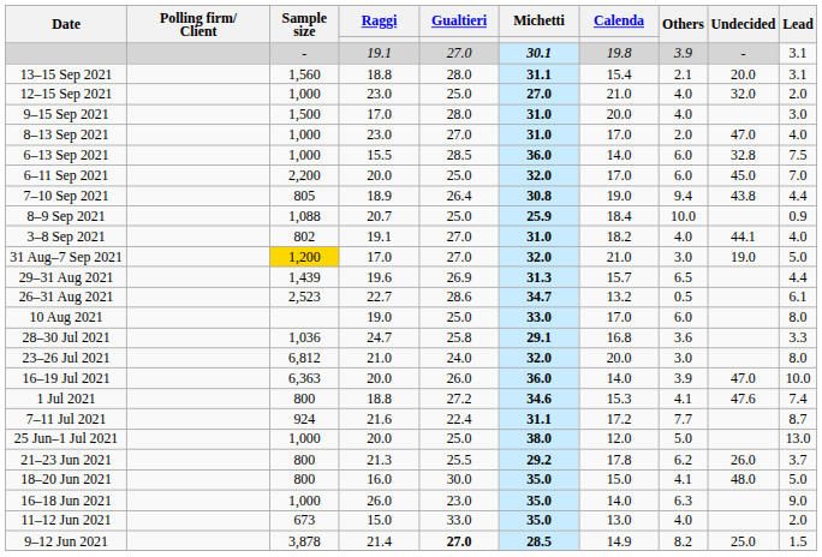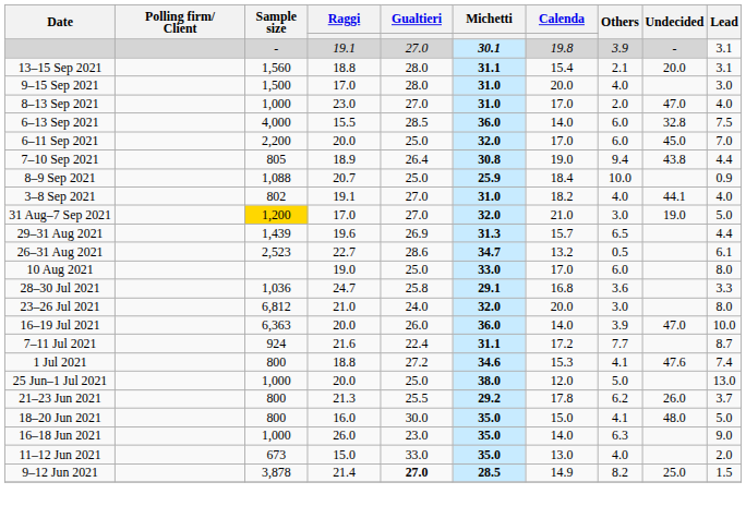 <table class=wikitable style="text-align:center;font-size:85%;line-height:13px">
 <tr style="height:30px; background-color:#E9E9E9">
 <th style="width:110px;" rowspan="2">Date</th>
 <th style="width:130px;" rowspan="2">Polling firm/<br>Client</th>
 <th style="width:60px;" rowspan="2">Sample size</th>
 <th style="width:70px;"><a href='#'>Raggi</a></th>
 <th style="width:70px;"><a href='#'>Gualtieri</a></th>
 <th style="width:70px;">Michetti</th>
 <th style="width:70px;"><a href='#'>Calenda</a></th>
 <th style="width:40px;" rowspan="2">Others</th>
 <th style="width:40px;" rowspan="2">Undecided</th>
 <th style="width:30px;" rowspan="2">Lead</th>
 </tr>
 <tr>
 <th style="color:inherit;background:"></th>
 <th style="color:inherit;background:"></th>
 <th style="color:inherit;background:"></th>
 <th style="color:inherit;background:"></th>
 </tr>
 <tr>
 <td style="background:#D5D5D5"></td>
 <td style="background:#D5D5D5"></td>
 <td style="background:#D5D5D5"><em>-</em></td>
 <td style="background:#D5D5D5"><em>19.1</em></td>
 <td style="background:#D5D5D5"><em>27.0</em></td>
 <td style="background:#C8EBFF"><strong><em>30.1</em></strong></td>
 <td style="background:#D5D5D5"><em>19.8</em></td>
 <td style="background:#D5D5D5"><em>3.9</em></td>
 <td style="background:#D5D5D5"><em>-</em></td>
 <td style="background:">3.1</td>
 </tr>
 <tr>
 <td>13–15 Sep 2021</td>
 <td></td>
 <td>1,560</td>
 <td>18.8</td>
 <td>28.0</td>
 <td style="background:#C8EBFF"><strong>31.1</strong></td>
 <td>15.4</td>
 <td>2.1</td>
 <td>20.0</td>
 <td style="background:">3.1</td>
 </tr>
 <tr>
-<td>12–15 Sep 2021</td>
-<td></td>
-<td>1,000</td>
-<td>23.0</td>
-<td>25.0</td>
-<td style="background:#C8EBFF"><strong>27.0</strong></td>
-<td>21.0</td>
-<td>4.0</td>
-<td>32.0</td>
-<td style="background:">2.0</td>
-</tr>
-<tr>
 <td>9–15 Sep 2021</td>
 <td></td>
 <td>1,500</td>
 <td>17.0</td>
 <td>28.0</td>
 <td style="background:#C8EBFF"><strong>31.0</strong></td>
 <td>20.0</td>
 <td>4.0</td>
 <td></td>
 <td style="background:">3.0</td>
 </tr>
 <tr>
 <td>8–13 Sep 2021</td>
 <td></td>
 <td>1,000</td>
 <td>23.0</td>
 <td>27.0</td>
 <td style="background:#C8EBFF"><strong>31.0</strong></td>
 <td>17.0</td>
 <td>2.0</td>
 <td>47.0</td>
 <td style="background:">4.0</td>
 </tr>
 <tr>
 <td>6–13 Sep 2021</td>
 <td></td>
-<td>1,000</td>
+<td>4,000</td>
 <td>15.5</td>
 <td>28.5</td>
 <td style="background:#C8EBFF"><strong>36.0</strong></td>
 <td>14.0</td>
 <td>6.0</td>
 <td>32.8</td>
 <td style="background:">7.5</td>
 </tr>
 <tr>
 <td>6–11 Sep 2021</td>
 <td></td>
 <td>2,200</td>
 <td>20.0</td>
 <td>25.0</td>
 <td style="background:#C8EBFF"><strong>32.0</strong></td>
 <td>17.0</td>
 <td>6.0</td>
 <td>45.0</td>
 <td style="background:">7.0</td>
 </tr>
 <tr>
 <td>7–10 Sep 2021</td>
 <td></td>
 <td>805</td>
 <td>18.9</td>
 <td>26.4</td>
 <td style="background:#C8EBFF"><strong>30.8</strong></td>
 <td>19.0</td>
 <td>9.4</td>
 <td>43.8</td>
 <td style="background:">4.4</td>
 </tr>
 <tr>
 <td>8–9 Sep 2021</td>
 <td></td>
 <td>1,088</td>
 <td>20.7</td>
 <td>25.0</td>
 <td style="background:#C8EBFF"><strong>25.9</strong></td>
 <td>18.4</td>
 <td>10.0</td>
 <td></td>
 <td style="background:">0.9</td>
 </tr>
 <tr>
 <td>3–8 Sep 2021</td>
 <td></td>
 <td>802</td>
 <td>19.1</td>
 <td>27.0</td>
 <td style="background:#C8EBFF"><strong>31.0</strong></td>
 <td>18.2</td>
 <td>4.0</td>
 <td>44.1</td>
 <td style="background:">4.0</td>
 </tr>
 <tr>
 <td>31 Aug–7 Sep 2021</td>
 <td></td>
 <td style="background: gold;">1,200</td>
 <td>17.0</td>
 <td>27.0</td>
 <td style="background:#C8EBFF"><strong>32.0</strong></td>
 <td>21.0</td>
 <td>3.0</td>
 <td>19.0</td>
 <td style="background:">5.0</td>
 </tr>
 <tr>
 <td>29–31 Aug 2021</td>
 <td></td>
 <td>1,439</td>
 <td>19.6</td>
 <td>26.9</td>
 <td style="background:#C8EBFF"><strong>31.3</strong></td>
 <td>15.7</td>
 <td>6.5</td>
 <td></td>
 <td style="background:">4.4</td>
 </tr>
 <tr>
 <td>26–31 Aug 2021</td>
 <td></td>
 <td>2,523</td>
 <td>22.7</td>
 <td>28.6</td>
 <td style="background:#C8EBFF"><strong>34.7</strong></td>
 <td>13.2</td>
 <td>0.5</td>
 <td></td>
 <td style="background:">6.1</td>
 </tr>
 <tr>
 <td>10 Aug 2021</td>
 <td></td>
 <td></td>
 <td>19.0</td>
 <td>25.0</td>
 <td style="background:#C8EBFF"><strong>33.0</strong></td>
 <td>17.0</td>
 <td>6.0</td>
 <td></td>
 <td style="background:">8.0</td>
 </tr>
 <tr>
 <td>28–30 Jul 2021</td>
 <td></td>
 <td>1,036</td>
 <td>24.7</td>
 <td>25.8</td>
 <td style="background:#C8EBFF"><strong>29.1</strong></td>
 <td>16.8</td>
 <td>3.6</td>
 <td></td>
 <td style="background:">3.3</td>
 </tr>
 <tr>
 <td>23–26 Jul 2021</td>
 <td></td>
 <td>6,812</td>
 <td>21.0</td>
 <td>24.0</td>
 <td style="background:#C8EBFF"><strong>32.0</strong></td>
 <td>20.0</td>
 <td>3.0</td>
 <td></td>
 <td style="background:">8.0</td>
 </tr>
 <tr>
 <td>16–19 Jul 2021</td>
 <td></td>
 <td>6,363</td>
 <td>20.0</td>
 <td>26.0</td>
 <td style="background:#C8EBFF"><strong>36.0</strong></td>
 <td>14.0</td>
 <td>3.9</td>
 <td>47.0</td>
 <td style="background:">10.0</td>
 </tr>
 <tr>
+<td>7–11 Jul 2021</td>
+<td></td>
+<td>924</td>
+<td>21.6</td>
+<td>22.4</td>
+<td style="background:#C8EBFF"><strong>31.1</strong></td>
+<td>17.2</td>
+<td>7.7</td>
+<td></td>
+<td style="background:">8.7</td>
+</tr>
+<tr>
 <td>1 Jul 2021</td>
 <td></td>
 <td>800</td>
 <td>18.8</td>
 <td>27.2</td>
 <td style="background:#C8EBFF"><strong>34.6</strong></td>
 <td>15.3</td>
 <td>4.1</td>
 <td>47.6</td>
 <td style="background:">7.4</td>
-</tr>
-<tr>
-<td>7–11 Jul 2021</td>
-<td></td>
-<td>924</td>
-<td>21.6</td>
-<td>22.4</td>
-<td style="background:#C8EBFF"><strong>31.1</strong></td>
-<td>17.2</td>
-<td>7.7</td>
-<td></td>
-<td style="background:">8.7</td>
 </tr>
 <tr>
 <td>25 Jun–1 Jul 2021</td>
 <td></td>
 <td>1,000</td>
 <td>20.0</td>
 <td>25.0</td>
 <td style="background:#C8EBFF"><strong>38.0</strong></td>
 <td>12.0</td>
 <td>5.0</td>
 <td></td>
 <td style="background:">13.0</td>
 </tr>
 <tr>
 <td>21–23 Jun 2021</td>
 <td></td>
 <td>800</td>
 <td>21.3</td>
 <td>25.5</td>
 <td style="background:#C8EBFF"><strong>29.2</strong></td>
 <td>17.8</td>
 <td>6.2</td>
 <td>26.0</td>
 <td style="background:">3.7</td>
 </tr>
 <tr>
 <td>18–20 Jun 2021</td>
 <td></td>
 <td>800</td>
 <td>16.0</td>
 <td>30.0</td>
 <td style="background:#C8EBFF"><strong>35.0</strong></td>
 <td>15.0</td>
 <td>4.1</td>
 <td>48.0</td>
 <td style="background:">5.0</td>
 </tr>
 <tr>
 <td>16–18 Jun 2021</td>
 <td></td>
 <td>1,000</td>
 <td>26.0</td>
 <td>23.0</td>
 <td style="background:#C8EBFF"><strong>35.0</strong></td>
 <td>14.0</td>
 <td>6.3</td>
 <td></td>
 <td style="background:">9.0</td>
 </tr>
 <tr>
 <td>11–12 Jun 2021</td>
 <td></td>
 <td>673</td>
 <td>15.0</td>
 <td>33.0</td>
 <td style="background:#C8EBFF"><strong>35.0</strong></td>
 <td>13.0</td>
 <td>4.0</td>
 <td></td>
 <td style="background:">2.0</td>
 </tr>
 <tr>
 <td>9–12 Jun 2021</td>
 <td></td>
 <td>3,878</td>
 <td>21.4</td>
 <td><strong>27.0</strong></td>
 <td style="background:#C8EBFF"><strong>28.5</strong></td>
 <td>14.9</td>
 <td>8.2</td>
 <td>25.0</td>
 <td style="background:">1.5</td>
 </tr>
 <tr>
 </tr>
 </table>
